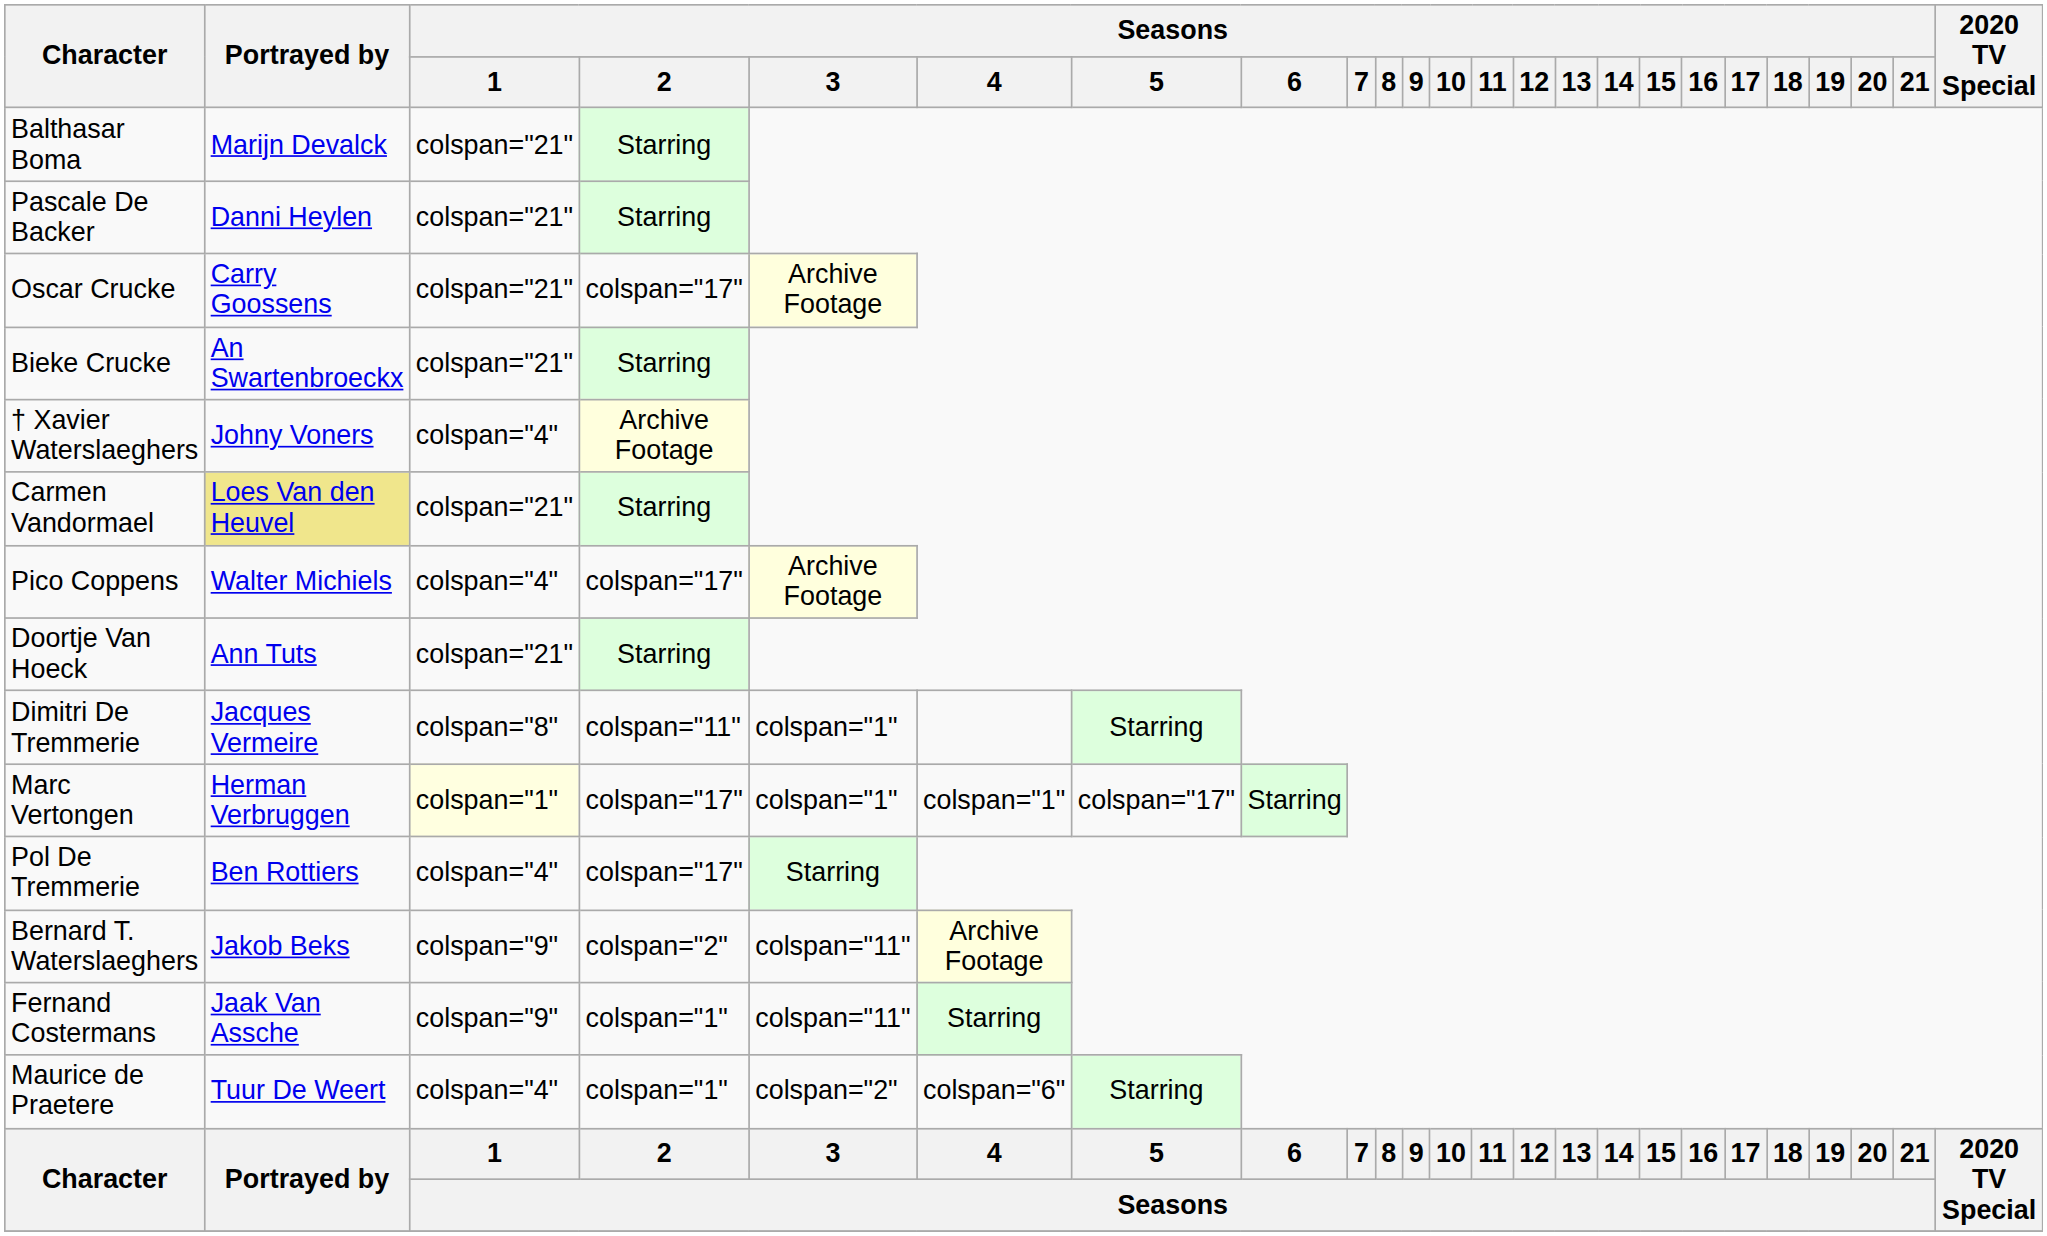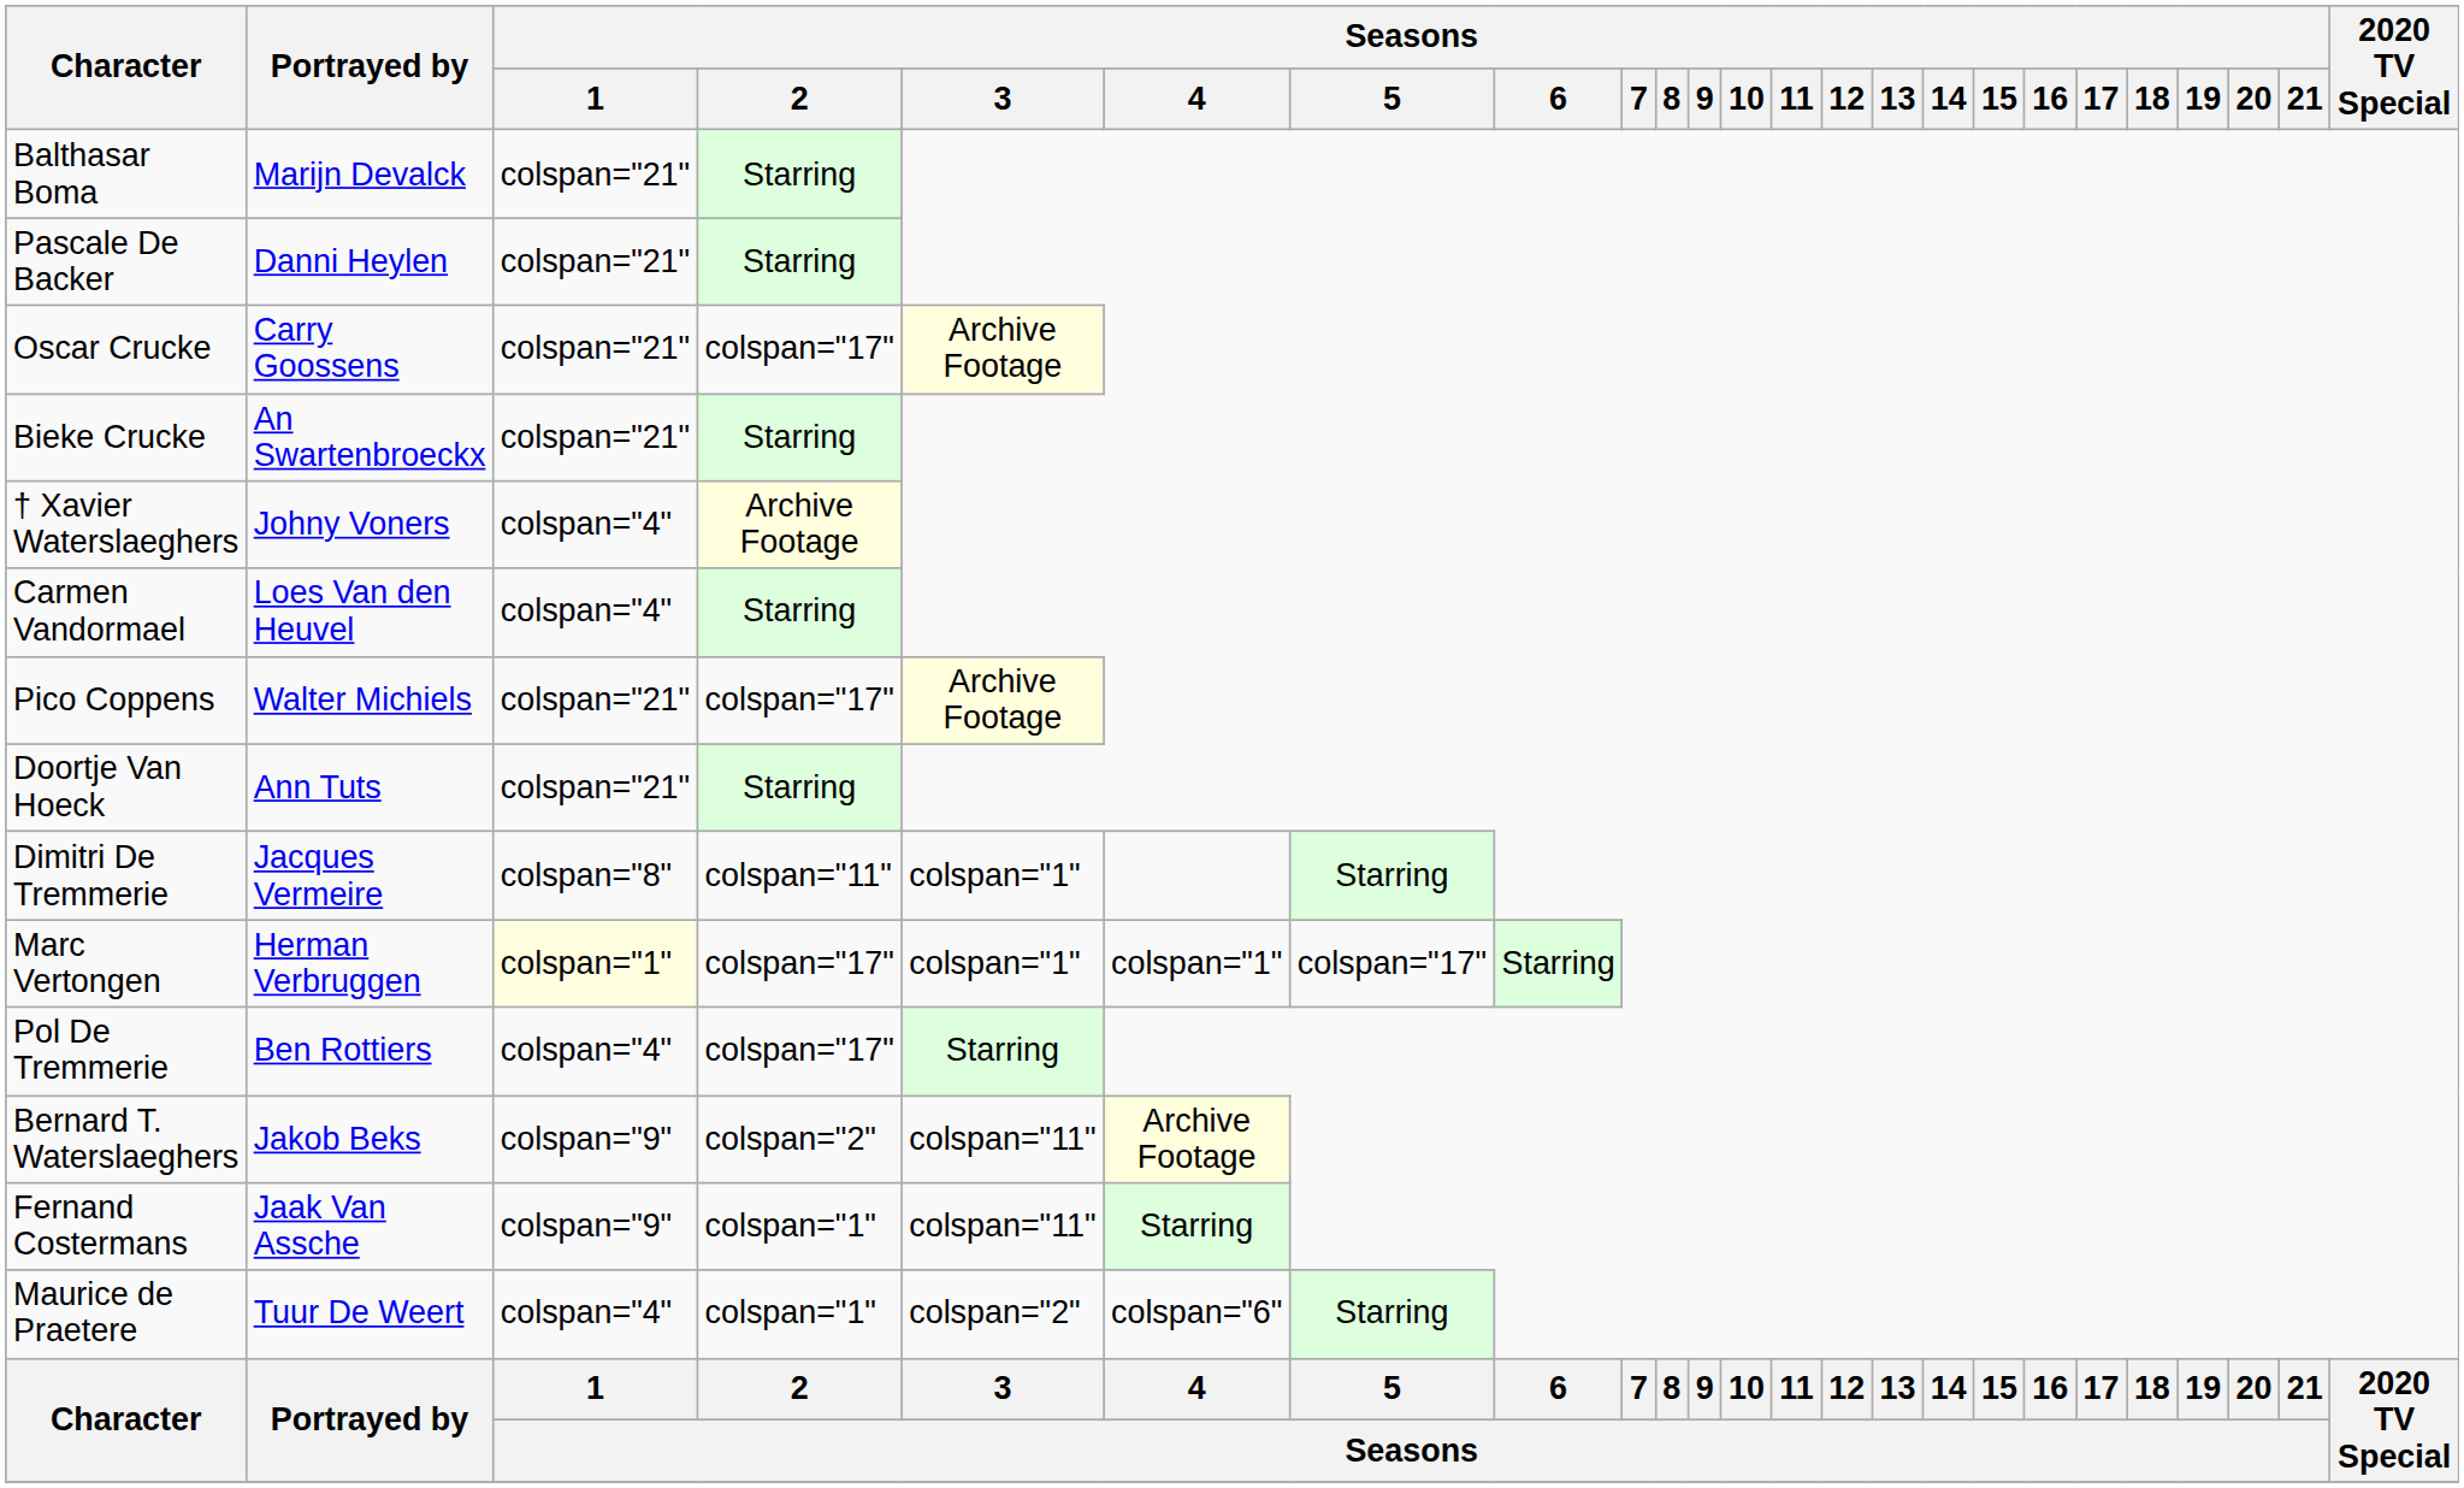 <table class="wikitable">
 <tr>
 <th rowspan="2">Character</th>
 <th rowspan="2">Portrayed by</th>
 <th colspan="21">Seasons</th>
 <th rowspan="2">2020 TV Special</th>
 </tr>
 <tr>
 <th>1</th>
 <th>2</th>
 <th>3</th>
 <th>4</th>
 <th>5</th>
 <th>6</th>
 <th>7</th>
 <th>8</th>
 <th>9</th>
 <th>10</th>
 <th>11</th>
 <th>12</th>
 <th>13</th>
 <th>14</th>
 <th>15</th>
 <th>16</th>
 <th>17</th>
 <th>18</th>
 <th>19</th>
 <th>20</th>
 <th>21</th>
 </tr>
 <tr>
 <td>Balthasar Boma</td>
 <td><a href='#'>Marijn Devalck</a></td>
 <td>colspan="21" </td>
 <td colspan="1" style="background:#ddffdd;" align="center">Starring</td>
 </tr>
 <tr>
 <td>Pascale De Backer</td>
 <td><a href='#'>Danni Heylen</a></td>
 <td>colspan="21" </td>
 <td colspan="1" style="background:#ddffdd;" align="center">Starring</td>
 </tr>
 <tr>
 <td>Oscar Crucke</td>
 <td><a href='#'>Carry Goossens</a></td>
 <td>colspan="21" </td>
 <td>colspan="17" </td>
 <td align="center" colspan="1" style="background:#ffd;">Archive Footage</td>
 </tr>
 <tr>
 <td>Bieke Crucke</td>
 <td><a href='#'>An Swartenbroeckx</a></td>
 <td>colspan="21" </td>
 <td colspan="1" style="background:#ddffdd;" align="center">Starring</td>
 </tr>
 <tr>
 <td>† Xavier Waterslaeghers</td>
 <td><a href='#'>Johny Voners</a></td>
 <td>colspan="4" </td>
 <td align="center" colspan="1" style="background:#ffd;">Archive Footage</td>
 </tr>
 <tr>
 <td>Carmen Vandormael</td>
-<td style="background: khaki;"><a href='#'>Loes Van den Heuvel</a></td>
-<td>colspan="21" </td>
+<td><a href='#'>Loes Van den Heuvel</a></td>
+<td>colspan="4" </td>
 <td colspan="1" style="background:#ddffdd;" align="center">Starring</td>
 </tr>
 <tr>
 <td>Pico Coppens</td>
 <td><a href='#'>Walter Michiels</a></td>
-<td>colspan="4" </td>
+<td>colspan="21" </td>
 <td>colspan="17" </td>
 <td align="center" colspan="1" style="background:#ffd;">Archive Footage</td>
 </tr>
 <tr>
 <td>Doortje Van Hoeck</td>
 <td><a href='#'>Ann Tuts</a></td>
 <td>colspan="21" </td>
 <td colspan="1" style="background:#ddffdd;" align="center">Starring</td>
 </tr>
 <tr>
 <td>Dimitri De Tremmerie</td>
 <td><a href='#'>Jacques Vermeire</a></td>
 <td>colspan="8" </td>
 <td>colspan="11" </td>
 <td>colspan="1" </td>
 <td></td>
 <td colspan="1" style="background:#ddffdd;" align="center">Starring</td>
 </tr>
 <tr>
 <td>Marc Vertongen</td>
 <td><a href='#'>Herman Verbruggen</a></td>
 <td style="background: lightyellow;">colspan="1" </td>
 <td>colspan="17" </td>
 <td>colspan="1" </td>
 <td>colspan="1" </td>
 <td>colspan="17" </td>
 <td colspan="1" style="background:#ddffdd;" align="center">Starring</td>
 </tr>
 <tr>
 <td>Pol De Tremmerie</td>
 <td><a href='#'>Ben Rottiers</a></td>
 <td>colspan="4" </td>
 <td>colspan="17" </td>
 <td colspan="1" style="background:#ddffdd;" align="center">Starring</td>
 </tr>
 <tr>
 <td>Bernard T. Waterslaeghers</td>
 <td><a href='#'>Jakob Beks</a></td>
 <td>colspan="9" </td>
 <td>colspan="2" </td>
 <td>colspan="11" </td>
 <td align="center" colspan="1" style="background:#ffd;">Archive Footage</td>
 </tr>
 <tr>
 <td>Fernand Costermans</td>
 <td><a href='#'>Jaak Van Assche</a></td>
 <td>colspan="9" </td>
 <td>colspan="1" </td>
 <td>colspan="11" </td>
 <td colspan="1" style="background:#ddffdd;" align="center">Starring</td>
 </tr>
 <tr>
 <td>Maurice de Praetere</td>
 <td><a href='#'>Tuur De Weert</a></td>
 <td>colspan="4" </td>
 <td>colspan="1" </td>
 <td>colspan="2" </td>
 <td>colspan="6" </td>
 <td colspan="1" style="background:#ddffdd;" align="center">Starring</td>
 </tr>
 <tr>
 <th rowspan="2">Character</th>
 <th rowspan="2">Portrayed by</th>
 <th>1</th>
 <th>2</th>
 <th>3</th>
 <th>4</th>
 <th>5</th>
 <th>6</th>
 <th>7</th>
 <th>8</th>
 <th>9</th>
 <th>10</th>
 <th>11</th>
 <th>12</th>
 <th>13</th>
 <th>14</th>
 <th>15</th>
 <th>16</th>
 <th>17</th>
 <th>18</th>
 <th>19</th>
 <th>20</th>
 <th>21</th>
 <th rowspan="2">2020 TV Special</th>
 </tr>
 <tr>
 <th colspan="21">Seasons</th>
 </tr>
 <tr>
 </tr>
 </table>
